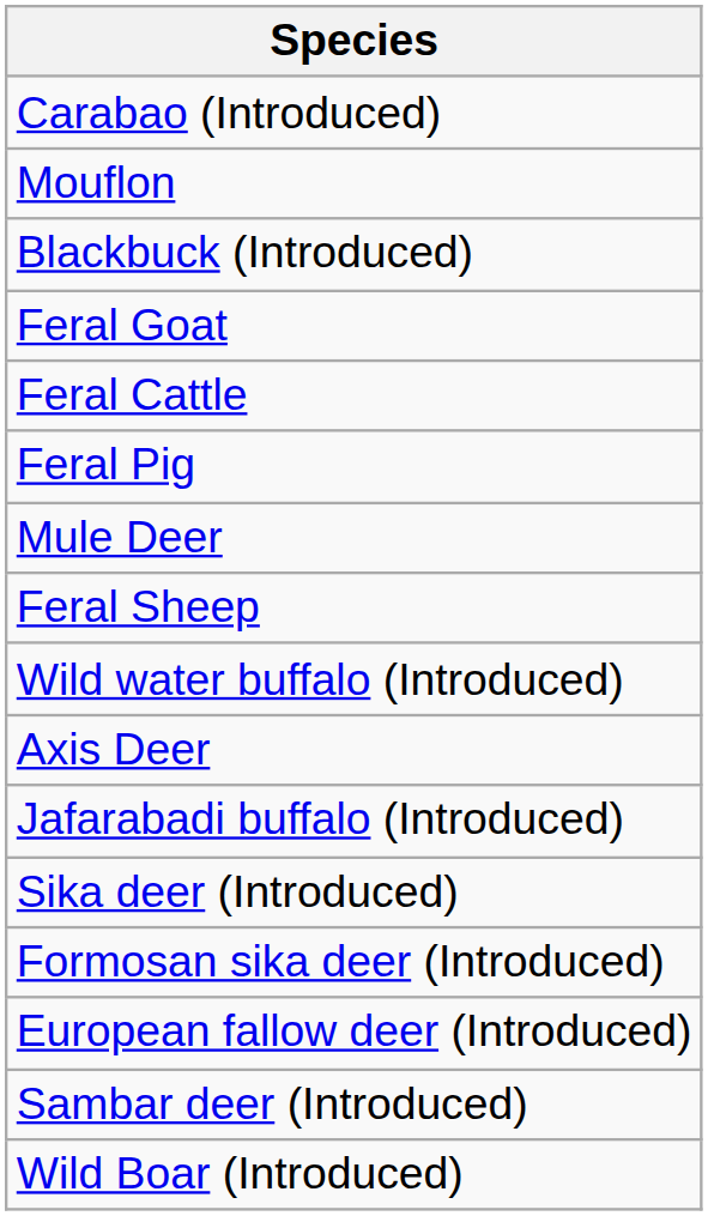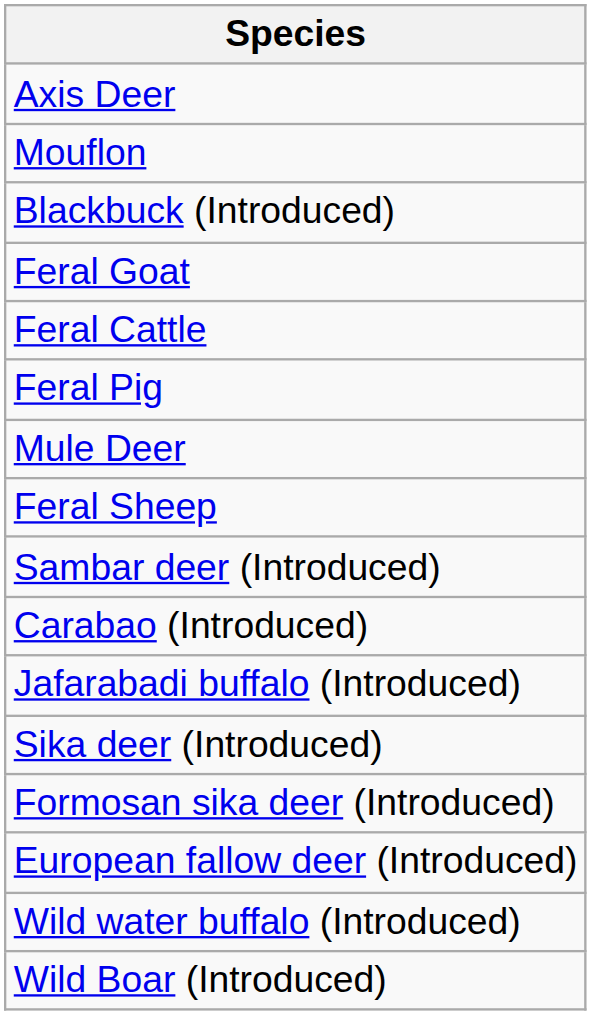 <table class="wikitable">
 <tr>
 <th>Species</th>
 </tr>
 <tr>
-<td><a href='#'>Carabao</a> (Introduced)</td>
+<td><a href='#'>Axis Deer</a></td>
 </tr>
 <tr>
 <td><a href='#'>Mouflon</a></td>
 </tr>
 <tr>
 <td><a href='#'>Blackbuck</a> (Introduced)</td>
 </tr>
 <tr>
 <td><a href='#'>Feral Goat</a></td>
 </tr>
 <tr>
 <td><a href='#'>Feral Cattle</a></td>
 </tr>
 <tr>
 <td><a href='#'>Feral Pig</a></td>
 </tr>
 <tr>
 <td><a href='#'>Mule Deer</a></td>
 </tr>
 <tr>
 <td><a href='#'>Feral Sheep</a></td>
 </tr>
 <tr>
-<td><a href='#'>Wild water buffalo</a> (Introduced)</td>
+<td><a href='#'>Sambar deer</a> (Introduced)</td>
 </tr>
 <tr>
-<td><a href='#'>Axis Deer</a></td>
+<td><a href='#'>Carabao</a> (Introduced)</td>
 </tr>
 <tr>
 <td><a href='#'>Jafarabadi buffalo</a> (Introduced)</td>
 </tr>
 <tr>
 <td><a href='#'>Sika deer</a> (Introduced)</td>
 </tr>
 <tr>
 <td><a href='#'>Formosan sika deer</a> (Introduced)</td>
 </tr>
 <tr>
 <td><a href='#'>European fallow deer</a> (Introduced)</td>
 </tr>
 <tr>
-<td><a href='#'>Sambar deer</a> (Introduced)</td>
+<td><a href='#'>Wild water buffalo</a> (Introduced)</td>
 </tr>
 <tr>
 <td><a href='#'>Wild Boar</a> (Introduced)</td>
 </tr>
 </table>
